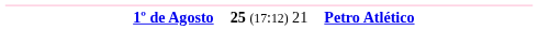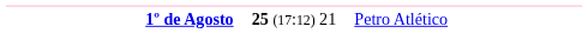 <table style="text-align:center" width=550>
 <tr>
 <th width=30%></th>
 <th width=15%></th>
 <th width=30%></th>
 </tr>
 <tr align="left" bgcolor=#ffd4e4>
 <td colspan=4></td>
 </tr>
 <tr>
 <td align="right"><strong><a href='#'>1º de Agosto</a></strong> </td>
 <td><strong>25</strong> <small>(17</small>:<small>12)</small> 21</td>
-<td align=left><strong> <a href='#'>Petro Atlético</a></strong></td>
+<td align=left> <a href='#'>Petro Atlético</a></td>
 </tr>
 </table>
